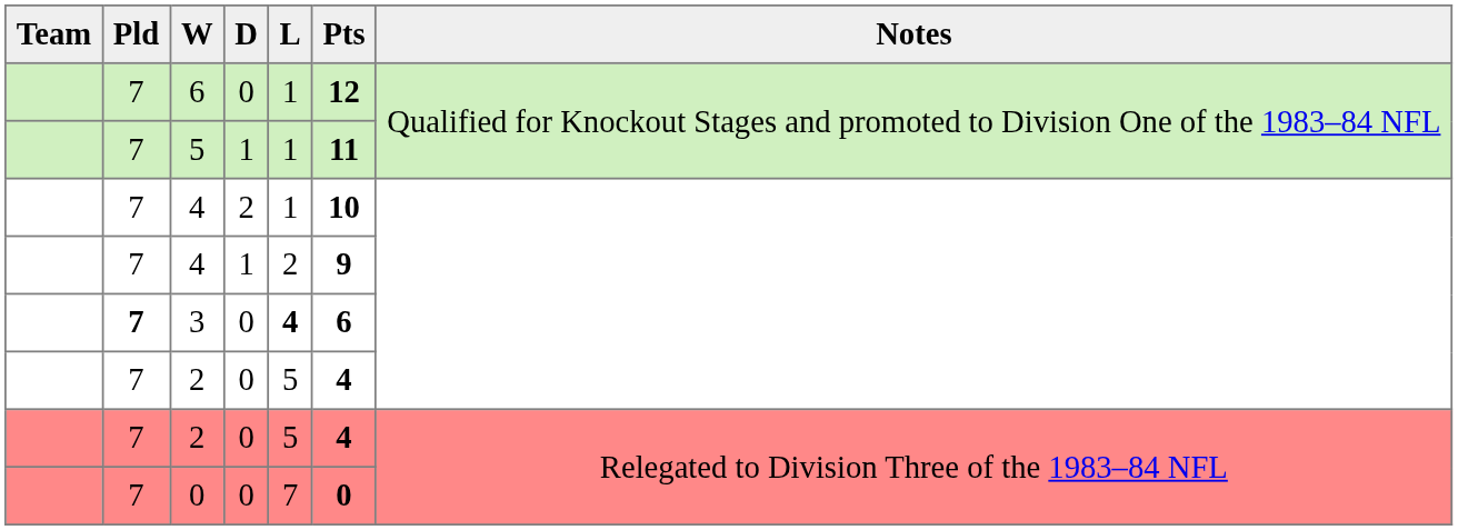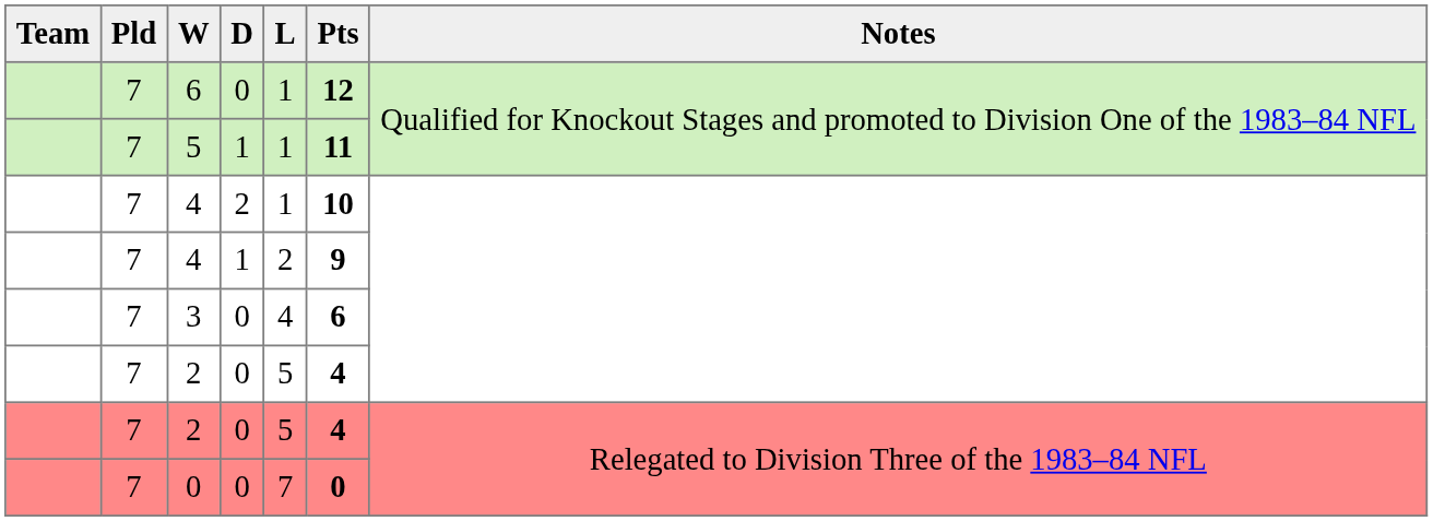 <table style=border-collapse:collapse border=1 cellspacing=0 cellpadding=5>
 <tr align=center bgcolor=#efefef>
 <th>Team</th>
 <th>Pld</th>
 <th>W</th>
 <th>D</th>
 <th>L</th>
 <th>Pts</th>
 <th>Notes</th>
 </tr>
 <tr align=center style="background:#D0F0C0;">
 <td style="text-align:left;"> </td>
 <td>7</td>
 <td>6</td>
 <td>0</td>
 <td>1</td>
 <td><strong>12</strong></td>
 <td rowspan=2>Qualified for Knockout Stages and promoted to Division One of the <a href='#'>1983–84 NFL</a></td>
 </tr>
 <tr align=center style="background:#D0F0C0;">
 <td style="text-align:left;"> </td>
 <td>7</td>
 <td>5</td>
 <td>1</td>
 <td>1</td>
 <td><strong>11</strong></td>
 </tr>
 <tr align=center style="background:#FFFFFF;">
 <td style="text-align:left;"> </td>
 <td>7</td>
 <td>4</td>
 <td>2</td>
 <td>1</td>
 <td><strong>10</strong></td>
 <td rowspan=4></td>
 </tr>
 <tr align=center style="background:#FFFFFF;">
 <td style="text-align:left;"> </td>
 <td>7</td>
 <td>4</td>
 <td>1</td>
 <td>2</td>
 <td><strong>9</strong></td>
 </tr>
 <tr align=center style="background:#FFFFFF;">
 <td style="text-align:left;"> </td>
-<td><strong>7</strong></td>
+<td>7</td>
 <td>3</td>
 <td>0</td>
-<td><strong>4</strong></td>
+<td>4</td>
 <td><strong>6</strong></td>
 </tr>
 <tr align=center style="background:#FFFFFF;">
 <td style="text-align:left;"> </td>
 <td>7</td>
 <td>2</td>
 <td>0</td>
 <td>5</td>
 <td><strong>4</strong></td>
 </tr>
 <tr align=center style="background:#FF8888;">
 <td style="text-align:left;"> </td>
 <td>7</td>
 <td>2</td>
 <td>0</td>
 <td>5</td>
 <td><strong>4</strong></td>
 <td rowspan=2>Relegated to Division Three of the <a href='#'>1983–84 NFL</a></td>
 </tr>
 <tr align=center style="background:#FF8888;">
 <td style="text-align:left;"> </td>
 <td>7</td>
 <td>0</td>
 <td>0</td>
 <td>7</td>
 <td><strong>0</strong></td>
 </tr>
 </table>
